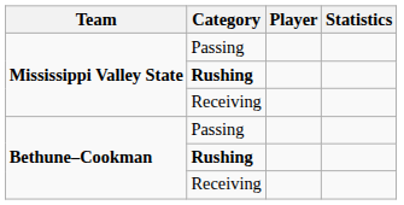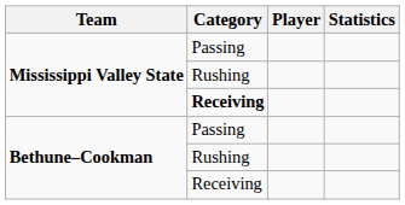 <table class="wikitable" style="float: left;">
 <tr>
 <th>Team</th>
 <th>Category</th>
 <th>Player</th>
 <th>Statistics</th>
 </tr>
 <tr>
 <td rowspan=3><strong>Mississippi Valley State</strong></td>
 <td>Passing</td>
 <td> </td>
 <td> </td>
 </tr>
 <tr>
-<td><strong>Rushing</strong></td>
+<td>Rushing</td>
 <td> </td>
 <td> </td>
 </tr>
 <tr>
-<td>Receiving</td>
+<td><strong>Receiving</strong></td>
 <td> </td>
 <td> </td>
 </tr>
 <tr>
 <td rowspan=3><strong>Bethune–Cookman</strong></td>
 <td>Passing</td>
 <td> </td>
 <td> </td>
 </tr>
 <tr>
-<td><strong>Rushing</strong></td>
+<td>Rushing</td>
 <td> </td>
 <td> </td>
 </tr>
 <tr>
 <td>Receiving</td>
 <td> </td>
 <td> </td>
 </tr>
 </table>
